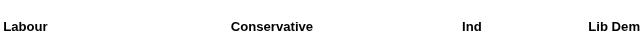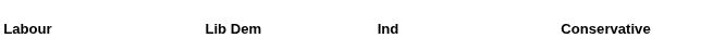 <table style="width:60%; text-align:center;">
 <tr style="color:white;">
 <td style="background:"><strong>14</strong></td>
+<td style="background:"><strong>5</strong></td>
+<td style="background:"><strong>12</strong></td>
 <td style="background:"><strong>20</strong></td>
-<td style="background:"><strong>12</strong></td>
-<td style="background:"><strong>5</strong></td>
 </tr>
 <tr>
 <td><span><strong>Labour</strong></span></td>
+<td><span><strong>Lib Dem</strong></span></td>
+<td><span><strong>Ind</strong></span></td>
 <td><span><strong>Conservative</strong></span></td>
-<td><span><strong>Ind</strong></span></td>
-<td><span><strong>Lib Dem</strong></span></td>
 </tr>
 </table>
